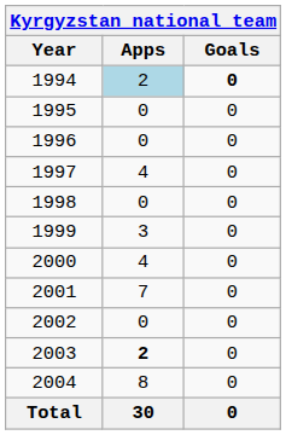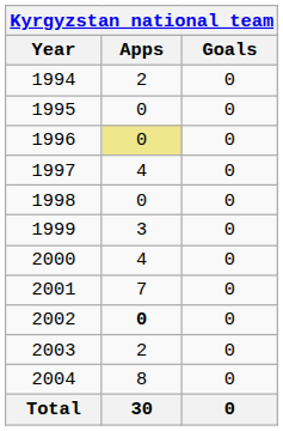 <table class="wikitable" style="text-align:center">
 <tr>
 <th colspan=3><a href='#'>Kyrgyzstan national team</a></th>
 </tr>
 <tr>
 <th>Year</th>
 <th>Apps</th>
 <th>Goals</th>
 </tr>
 <tr>
 <td>1994</td>
-<td style="background: lightblue;">2</td>
-<td><strong>0</strong></td>
+<td>2</td>
+<td>0</td>
 </tr>
 <tr>
 <td>1995</td>
 <td>0</td>
 <td>0</td>
 </tr>
 <tr>
 <td>1996</td>
-<td>0</td>
+<td style="background: khaki;">0</td>
 <td>0</td>
 </tr>
 <tr>
 <td>1997</td>
 <td>4</td>
 <td>0</td>
 </tr>
 <tr>
 <td>1998</td>
 <td>0</td>
 <td>0</td>
 </tr>
 <tr>
 <td>1999</td>
 <td>3</td>
 <td>0</td>
 </tr>
 <tr>
 <td>2000</td>
 <td>4</td>
 <td>0</td>
 </tr>
 <tr>
 <td>2001</td>
 <td>7</td>
 <td>0</td>
 </tr>
 <tr>
 <td>2002</td>
-<td>0</td>
+<td><strong>0</strong></td>
 <td>0</td>
 </tr>
 <tr>
 <td>2003</td>
-<td><strong>2</strong></td>
+<td>2</td>
 <td>0</td>
 </tr>
 <tr>
 <td>2004</td>
 <td>8</td>
 <td>0</td>
 </tr>
 <tr>
 <th>Total</th>
 <th>30</th>
 <th>0</th>
 </tr>
 </table>
